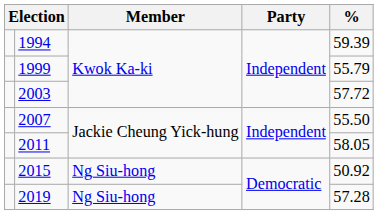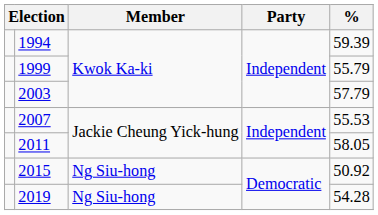 <table class="wikitable">
 <tr>
 <th colspan="2">Election</th>
 <th>Member</th>
 <th>Party</th>
 <th>%</th>
 </tr>
 <tr>
 <td style="background-color: "></td>
 <td><a href='#'>1994</a></td>
 <td rowspan=3><a href='#'>Kwok Ka-ki</a></td>
 <td rowspan=3><a href='#'>Independent</a></td>
 <td>59.39</td>
 </tr>
 <tr>
 <td style="background-color: "></td>
 <td><a href='#'>1999</a></td>
 <td>55.79</td>
 </tr>
 <tr>
 <td style="background-color: "></td>
 <td><a href='#'>2003</a></td>
-<td>57.72</td>
+<td>57.79</td>
 </tr>
 <tr>
 <td style="background-color: "></td>
 <td><a href='#'>2007</a></td>
 <td rowspan=2>Jackie Cheung Yick-hung</td>
 <td rowspan=2><a href='#'>Independent</a></td>
-<td>55.50</td>
+<td>55.53</td>
 </tr>
 <tr>
 <td style="background-color: "></td>
 <td><a href='#'>2011</a></td>
 <td>58.05</td>
 </tr>
 <tr>
 <td style="background-color:"></td>
 <td><a href='#'>2015</a></td>
 <td><a href='#'>Ng Siu-hong</a></td>
 <td rowspan=2><a href='#'>Democratic</a></td>
 <td>50.92</td>
 </tr>
 <tr>
 <td style="background-color:"></td>
 <td><a href='#'>2019</a></td>
 <td><a href='#'>Ng Siu-hong</a></td>
-<td>57.28</td>
+<td>54.28</td>
 </tr>
 </table>
